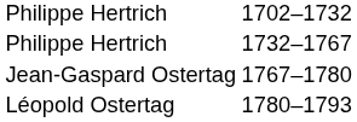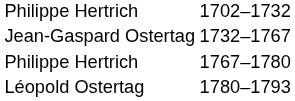 <table>
 <tr>
 <td>Philippe Hertrich</td>
 <td>1702–1732</td>
 </tr>
 <tr>
-<td>Philippe Hertrich</td>
+<td>Jean-Gaspard Ostertag</td>
 <td>1732–1767</td>
 </tr>
 <tr>
-<td>Jean-Gaspard Ostertag</td>
+<td>Philippe Hertrich</td>
 <td>1767–1780</td>
 </tr>
 <tr>
 <td>Léopold Ostertag</td>
 <td>1780–1793</td>
 </tr>
 </table>
